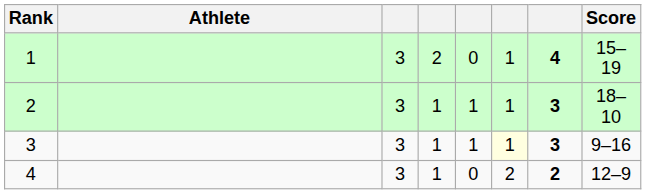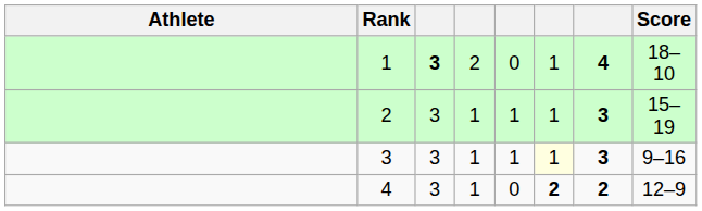 <table class="wikitable" style="text-align: center;">
 <tr>
+<th width=280>Athlete</th>
 <th width=25>Rank</th>
-<th width=280>Athlete</th>
 <th width=25></th>
 <th width=25></th>
 <th width=25></th>
 <th width=25></th>
 <th width=40></th>
 <th width=40>Score</th>
 </tr>
 <tr bgcolor=ccffcc>
+<td align=left></td>
 <td>1</td>
-<td align=left></td>
-<td>3</td>
+<td><strong>3</strong></td>
 <td>2</td>
 <td>0</td>
 <td>1</td>
 <td><strong>4</strong></td>
-<td>15–19</td>
+<td>18–10</td>
 </tr>
 <tr bgcolor=ccffcc>
+<td align=left></td>
 <td>2</td>
-<td align=left></td>
 <td>3</td>
 <td>1</td>
 <td>1</td>
 <td>1</td>
 <td><strong>3</strong></td>
-<td>18–10</td>
+<td>15–19</td>
 </tr>
 <tr>
+<td align=left></td>
 <td>3</td>
-<td align=left></td>
 <td>3</td>
 <td>1</td>
 <td>1</td>
 <td style="background: lightyellow;">1</td>
 <td><strong>3</strong></td>
 <td>9–16</td>
 </tr>
 <tr>
+<td align=left></td>
 <td>4</td>
-<td align=left></td>
 <td>3</td>
 <td>1</td>
 <td>0</td>
-<td>2</td>
+<td><strong>2</strong></td>
 <td><strong>2</strong></td>
 <td>12–9</td>
 </tr>
 </table>
